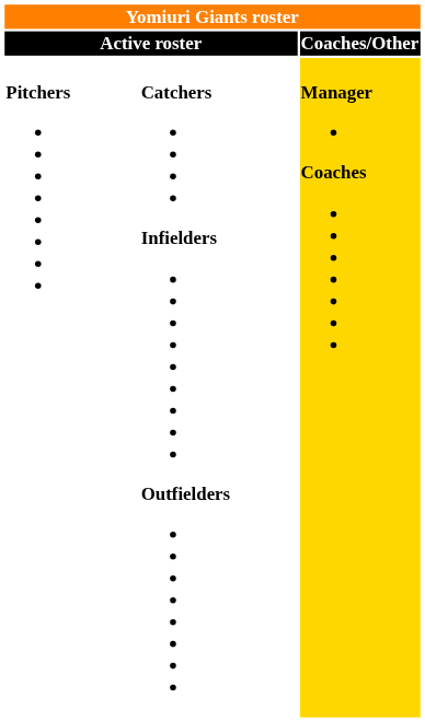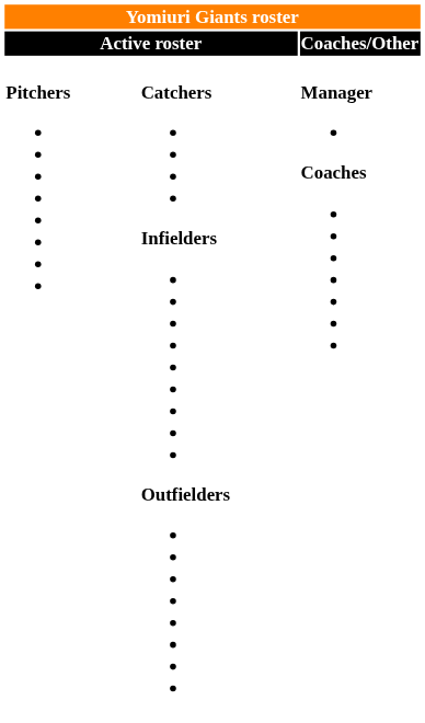 <table class="toccolours" style="font-size: 95%;">
 <tr>
 <th colspan="10" style="background-color: #FF8000; color: #FFFFFF; text-align: center;">Yomiuri Giants roster</th>
 </tr>
 <tr>
 <td colspan="4" style="background-color: #000000; color: #FFFFFF; text-align: center;"><strong>Active roster</strong></td>
 <td colspan="1" style="background-color: #000000; color: #FFFFFF; text-align: center;"><strong>Coaches/Other</strong></td>
 </tr>
 <tr>
 <td style="vertical-align:top;"><br><strong>Pitchers</strong><br><ul><li></li><li></li><li></li><li></li><li></li><li></li><li></li><li></li></ul></td>
 <td width="50px"> </td>
 <td style="vertical-align:top;"><br><strong>Catchers</strong><br><ul><li></li><li></li><li></li><li></li></ul><strong>Infielders</strong><br><ul><li></li><li></li><li></li><li></li><li></li><li></li><li></li><li></li><li></li></ul><strong>Outfielders</strong><br><ul><li></li><li></li><li></li><li></li><li></li><li></li><li></li><li></li></ul></td>
 <td width="50"> </td>
-<td style="background: gold; vertical-align:top;"><br><strong>Manager</strong><br><ul><li></li></ul><strong>Coaches</strong><br><ul><li></li><li></li><li></li><li></li><li></li><li></li><li></li></ul></td>
+<td style="vertical-align:top;"><br><strong>Manager</strong><br><ul><li></li></ul><strong>Coaches</strong><br><ul><li></li><li></li><li></li><li></li><li></li><li></li><li></li></ul></td>
 </tr>
 </table>
